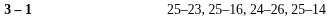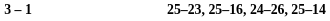 <table width=100% cellspacing=1>
 <tr>
 <th width=20%></th>
 <th width=12%></th>
 <th width=20%></th>
 <th width=33%></th>
 <td></td>
 </tr>
 <tr style=font-size:95%>
 <td align=right><strong></strong></td>
 <td align=center><strong>3 – 1</strong></td>
 <td></td>
-<td>25–23, 25–16, 24–26, 25–14</td>
+<td><strong>25–23, 25–16, 24–26, 25–14</strong></td>
 </tr>
 </table>
